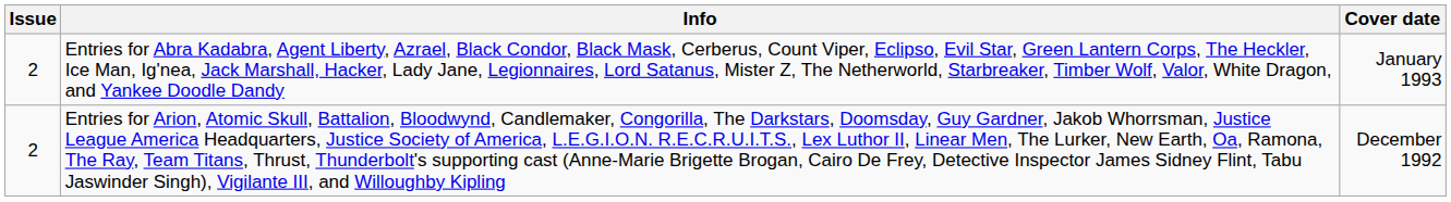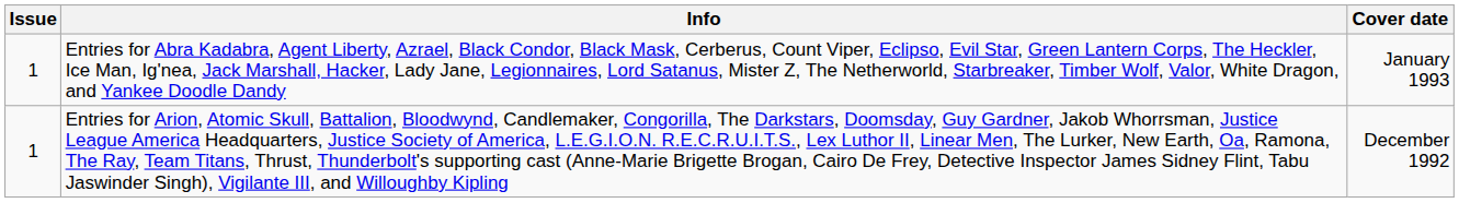 <table class="wikitable">
 <tr>
 <th>Issue</th>
 <th>Info</th>
 <th>Cover date</th>
 </tr>
 <tr style="text-align:center;">
-<td>2</td>
+<td>1</td>
 <td align="left">Entries for <a href='#'>Abra Kadabra</a>, <a href='#'>Agent Liberty</a>, <a href='#'>Azrael</a>, <a href='#'>Black Condor</a>, <a href='#'>Black Mask</a>, Cerberus, Count Viper, <a href='#'>Eclipso</a>, <a href='#'>Evil Star</a>, <a href='#'>Green Lantern Corps</a>, <a href='#'>The Heckler</a>, Ice Man, Ig'nea, <a href='#'>Jack Marshall, Hacker</a>, Lady Jane, <a href='#'>Legionnaires</a>, <a href='#'>Lord Satanus</a>, Mister Z, The Netherworld, <a href='#'>Starbreaker</a>, <a href='#'>Timber Wolf</a>, <a href='#'>Valor</a>, White Dragon, and <a href='#'>Yankee Doodle Dandy</a></td>
 <td align="right">January 1993</td>
 </tr>
 <tr style="text-align:center;">
-<td>2</td>
+<td>1</td>
 <td align="left">Entries for <a href='#'>Arion</a>, <a href='#'>Atomic Skull</a>, <a href='#'>Battalion</a>, <a href='#'>Bloodwynd</a>, Candlemaker, <a href='#'>Congorilla</a>, The <a href='#'>Darkstars</a>, <a href='#'>Doomsday</a>, <a href='#'>Guy Gardner</a>, Jakob Whorrsman, <a href='#'>Justice League America</a> Headquarters, <a href='#'>Justice Society of America</a>, <a href='#'>L.E.G.I.O.N. R.E.C.R.U.I.T.S.</a>, <a href='#'>Lex Luthor II</a>, <a href='#'>Linear Men</a>, The Lurker, New Earth, <a href='#'>Oa</a>, Ramona, <a href='#'>The Ray</a>, <a href='#'>Team Titans</a>, Thrust, <a href='#'>Thunderbolt</a>'s supporting cast (Anne-Marie Brigette Brogan, Cairo De Frey, Detective Inspector James Sidney Flint, Tabu Jaswinder Singh), <a href='#'>Vigilante III</a>, and <a href='#'>Willoughby Kipling</a></td>
 <td align="right">December 1992</td>
 </tr>
 </table>
